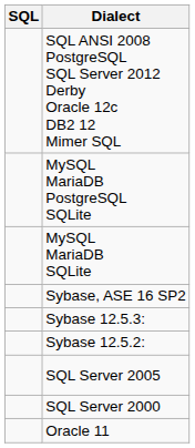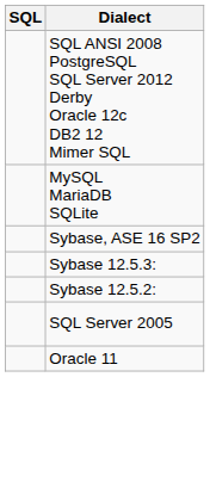 <table class="wikitable">
 <tr>
 <th>SQL</th>
 <th>Dialect</th>
 </tr>
 <tr>
 <td><br></td>
 <td>SQL ANSI 2008<br>PostgreSQL<br>SQL Server 2012<br>Derby<br>Oracle 12c<br>DB2 12<br>Mimer SQL</td>
-</tr>
-<tr>
-<td><br></td>
-<td>MySQL<br>MariaDB<br>PostgreSQL<br>SQLite</td>
 </tr>
 <tr>
 <td><br></td>
 <td>MySQL<br>MariaDB<br>SQLite</td>
 </tr>
 <tr>
 <td><br></td>
 <td>Sybase, ASE 16 SP2</td>
 </tr>
 <tr>
 <td><br></td>
 <td>Sybase 12.5.3:</td>
 </tr>
 <tr>
 <td><br></td>
 <td>Sybase 12.5.2:</td>
 </tr>
 <tr>
 <td><br> <br></td>
 <td>SQL Server 2005</td>
 </tr>
 <tr>
 <td><br></td>
-<td>SQL Server 2000</td>
-</tr>
-<tr>
-<td><br></td>
 <td>Oracle 11</td>
 </tr>
 </table>
